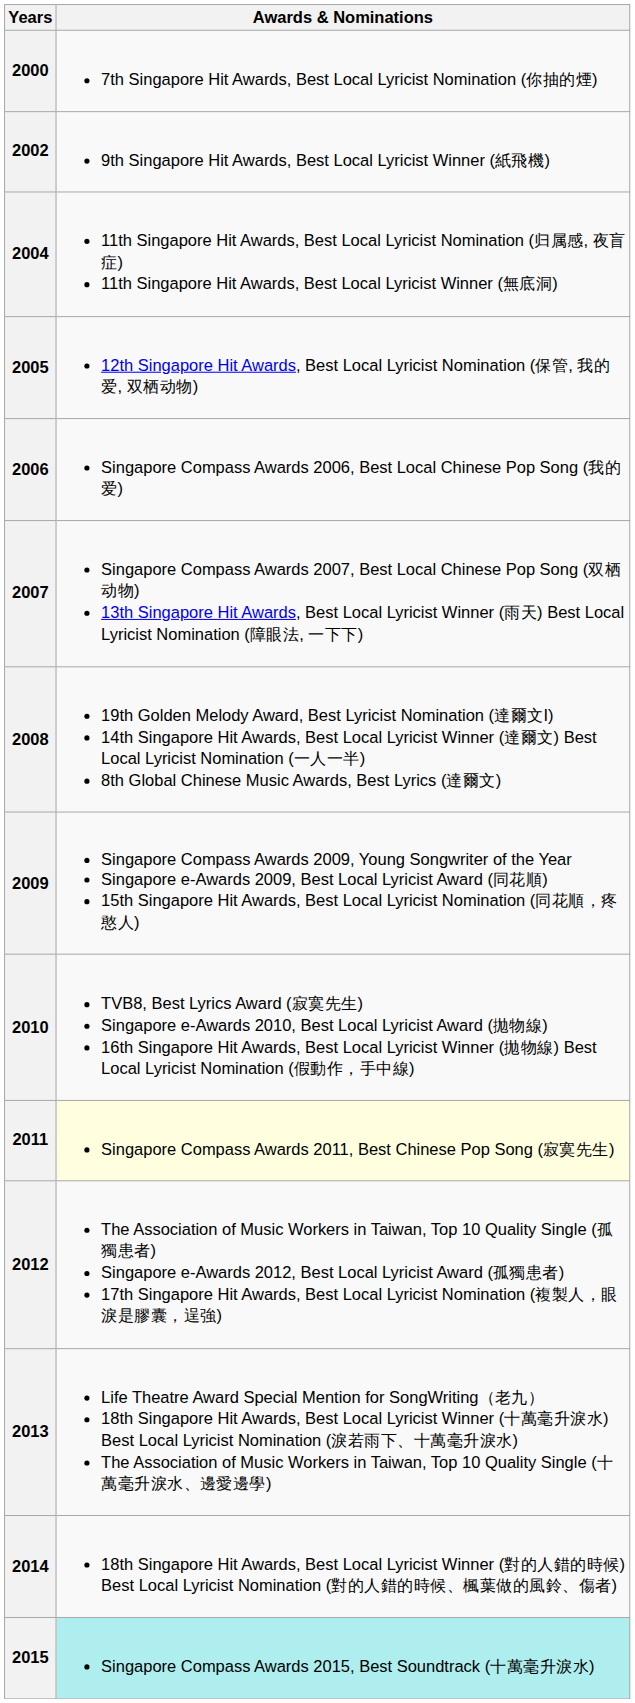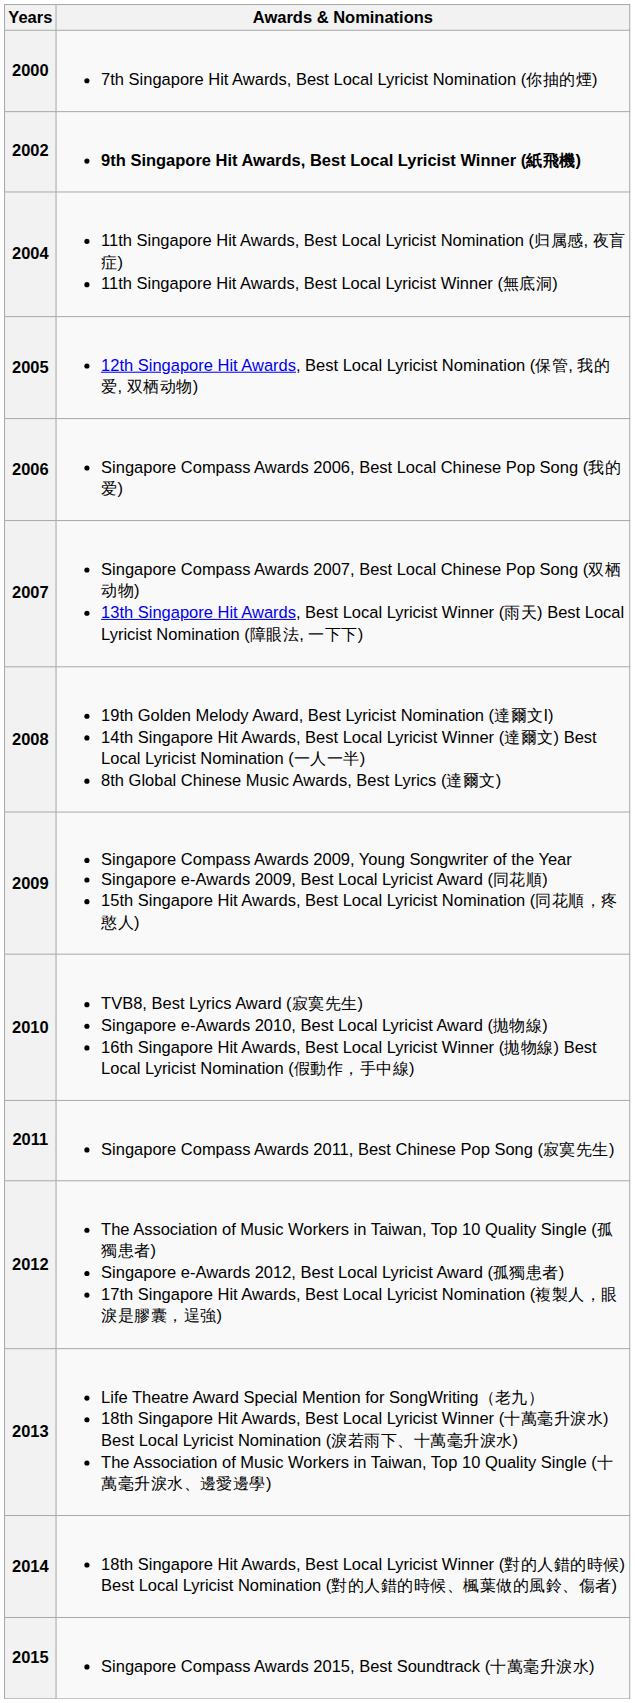 <table class="wikitable">
 <tr>
 <th align="left">Years</th>
 <th align="left">Awards & Nominations</th>
 </tr>
 <tr>
 <th align="center">2000</th>
 <td align="left"><br><ul><li>7th Singapore Hit Awards, Best Local Lyricist Nomination (你抽的煙)</li></ul></td>
 </tr>
 <tr>
 <th align="center">2002</th>
-<td align="left"><br><ul><li>9th Singapore Hit Awards, Best Local Lyricist Winner (紙飛機)</li></ul></td>
+<td align="left"><strong><br><ul><li>9th Singapore Hit Awards, Best Local Lyricist Winner (紙飛機)</li></ul></strong></td>
 </tr>
 <tr>
 <th align="center">2004</th>
 <td align="left"><br><ul><li>11th Singapore Hit Awards, Best Local Lyricist Nomination (归属感, 夜盲症)</li><li>11th Singapore Hit Awards, Best Local Lyricist Winner (無底洞)</li></ul></td>
 </tr>
 <tr>
 <th align="center">2005</th>
 <td align="left"><br><ul><li><a href='#'>12th Singapore Hit Awards</a>, Best Local Lyricist Nomination (保管, 我的爱, 双栖动物)</li></ul></td>
 </tr>
 <tr>
 <th align="center">2006</th>
 <td align="left"><br><ul><li>Singapore Compass Awards 2006, Best Local Chinese Pop Song (我的爱)</li></ul></td>
 </tr>
 <tr>
 <th align="center">2007</th>
 <td align="left"><br><ul><li>Singapore Compass Awards 2007, Best Local Chinese Pop Song (双栖动物)</li><li><a href='#'>13th Singapore Hit Awards</a>, Best Local Lyricist Winner (雨天) Best Local Lyricist Nomination (障眼法, 一下下)</li></ul></td>
 </tr>
 <tr>
 <th align="center">2008</th>
 <td align="left"><br><ul><li>19th Golden Melody Award, Best Lyricist Nomination (達爾文I)</li><li>14th Singapore Hit Awards, Best Local Lyricist Winner (達爾文) Best Local Lyricist Nomination (一人一半)</li><li>8th Global Chinese Music Awards, Best Lyrics (達爾文)</li></ul></td>
 </tr>
 <tr>
 <th align="center">2009</th>
 <td align="left"><br><ul><li>Singapore Compass Awards 2009, Young Songwriter of the Year</li><li>Singapore e-Awards 2009, Best Local Lyricist Award (同花順)</li><li>15th Singapore Hit Awards, Best Local Lyricist Nomination (同花順，疼憨人)</li></ul></td>
 </tr>
 <tr>
 <th align="center">2010</th>
 <td align="left"><br><ul><li>TVB8, Best Lyrics Award (寂寞先生)</li><li>Singapore e-Awards 2010, Best Local Lyricist Award (拋物線)</li><li>16th Singapore Hit Awards, Best Local Lyricist Winner (拋物線) Best Local Lyricist Nomination (假動作，手中線)</li></ul></td>
 </tr>
 <tr>
 <th align="center">2011</th>
-<td align="left" style="background: lightyellow;"><br><ul><li>Singapore Compass Awards 2011, Best Chinese Pop Song (寂寞先生)</li></ul></td>
+<td align="left"><br><ul><li>Singapore Compass Awards 2011, Best Chinese Pop Song (寂寞先生)</li></ul></td>
 </tr>
 <tr>
 <th align="center">2012</th>
 <td align="left"><br><ul><li>The Association of Music Workers in Taiwan, Top 10 Quality Single (孤獨患者)</li><li>Singapore e-Awards 2012, Best Local Lyricist Award (孤獨患者)</li><li>17th Singapore Hit Awards, Best Local Lyricist Nomination (複製人，眼淚是膠囊，逞強)</li></ul></td>
 </tr>
 <tr>
 <th align="center">2013</th>
 <td align="left"><br><ul><li>Life Theatre Award Special Mention for SongWriting（老九）</li><li>18th Singapore Hit Awards, Best Local Lyricist Winner (十萬毫升淚水) Best Local Lyricist Nomination (淚若雨下、十萬毫升淚水)</li><li>The Association of Music Workers in Taiwan, Top 10 Quality Single (十萬毫升淚水、邊愛邊學)</li></ul></td>
 </tr>
 <tr>
 <th align="center">2014</th>
 <td align="left"><br><ul><li>18th Singapore Hit Awards, Best Local Lyricist Winner (對的人錯的時候) Best Local Lyricist Nomination (對的人錯的時候、楓葉做的風鈴、傷者)</li></ul></td>
 </tr>
 <tr>
 <th align="center">2015</th>
-<td align="left" style="background: paleturquoise;"><br><ul><li>Singapore Compass Awards 2015, Best Soundtrack (十萬毫升淚水)</li></ul></td>
+<td align="left"><br><ul><li>Singapore Compass Awards 2015, Best Soundtrack (十萬毫升淚水)</li></ul></td>
 </tr>
 </table>
